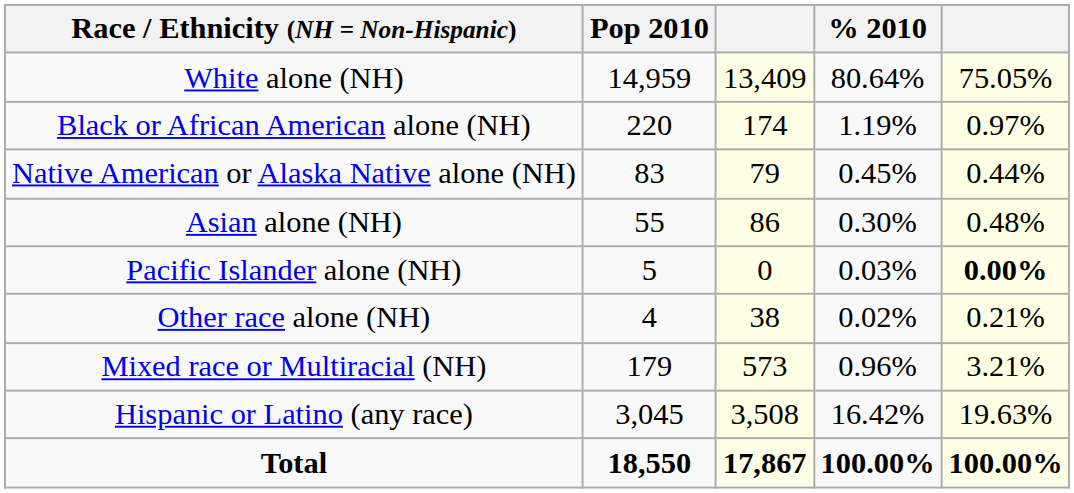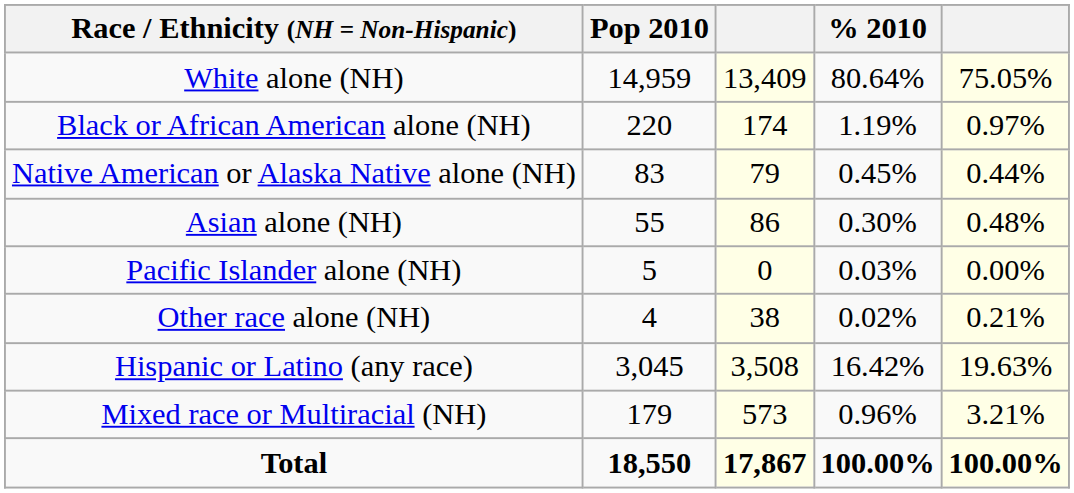 <table class="wikitable" style="text-align:center;">
 <tr>
 <th>Race / Ethnicity <small>(<em>NH = Non-Hispanic</em>)</small></th>
 <th>Pop 2010</th>
 <th></th>
 <th>% 2010</th>
 <th></th>
 </tr>
 <tr>
 <td><a href='#'>White</a> alone (NH)</td>
 <td>14,959</td>
 <td style='background: #ffffe6;'>13,409</td>
 <td>80.64%</td>
 <td style='background: #ffffe6;'>75.05%</td>
 </tr>
 <tr>
 <td><a href='#'>Black or African American</a> alone (NH)</td>
 <td>220</td>
 <td style='background: #ffffe6;'>174</td>
 <td>1.19%</td>
 <td style='background: #ffffe6;'>0.97%</td>
 </tr>
 <tr>
 <td><a href='#'>Native American</a> or <a href='#'>Alaska Native</a> alone (NH)</td>
 <td>83</td>
 <td style='background: #ffffe6;'>79</td>
 <td>0.45%</td>
 <td style='background: #ffffe6;'>0.44%</td>
 </tr>
 <tr>
 <td><a href='#'>Asian</a> alone (NH)</td>
 <td>55</td>
 <td style='background: #ffffe6;'>86</td>
 <td>0.30%</td>
 <td style='background: #ffffe6;'>0.48%</td>
 </tr>
 <tr>
 <td><a href='#'>Pacific Islander</a> alone (NH)</td>
 <td>5</td>
 <td style='background: #ffffe6;'>0</td>
 <td>0.03%</td>
-<td style='background: #ffffe6;'><strong>0.00%</strong></td>
+<td style='background: #ffffe6;'>0.00%</td>
 </tr>
 <tr>
 <td><a href='#'>Other race</a> alone (NH)</td>
 <td>4</td>
 <td style='background: #ffffe6;'>38</td>
 <td>0.02%</td>
 <td style='background: #ffffe6;'>0.21%</td>
 </tr>
 <tr>
+<td><a href='#'>Hispanic or Latino</a> (any race)</td>
+<td>3,045</td>
+<td style='background: #ffffe6;'>3,508</td>
+<td>16.42%</td>
+<td style='background: #ffffe6;'>19.63%</td>
+</tr>
+<tr>
 <td><a href='#'>Mixed race or Multiracial</a> (NH)</td>
 <td>179</td>
 <td style='background: #ffffe6;'>573</td>
 <td>0.96%</td>
 <td style='background: #ffffe6;'>3.21%</td>
-</tr>
-<tr>
-<td><a href='#'>Hispanic or Latino</a> (any race)</td>
-<td>3,045</td>
-<td style='background: #ffffe6;'>3,508</td>
-<td>16.42%</td>
-<td style='background: #ffffe6;'>19.63%</td>
 </tr>
 <tr>
 <td><strong>Total</strong></td>
 <td><strong>18,550</strong></td>
 <td style='background: #ffffe6;'><strong>17,867</strong></td>
 <td><strong>100.00%</strong></td>
 <td style='background: #ffffe6;'><strong>100.00%</strong></td>
 </tr>
 </table>
